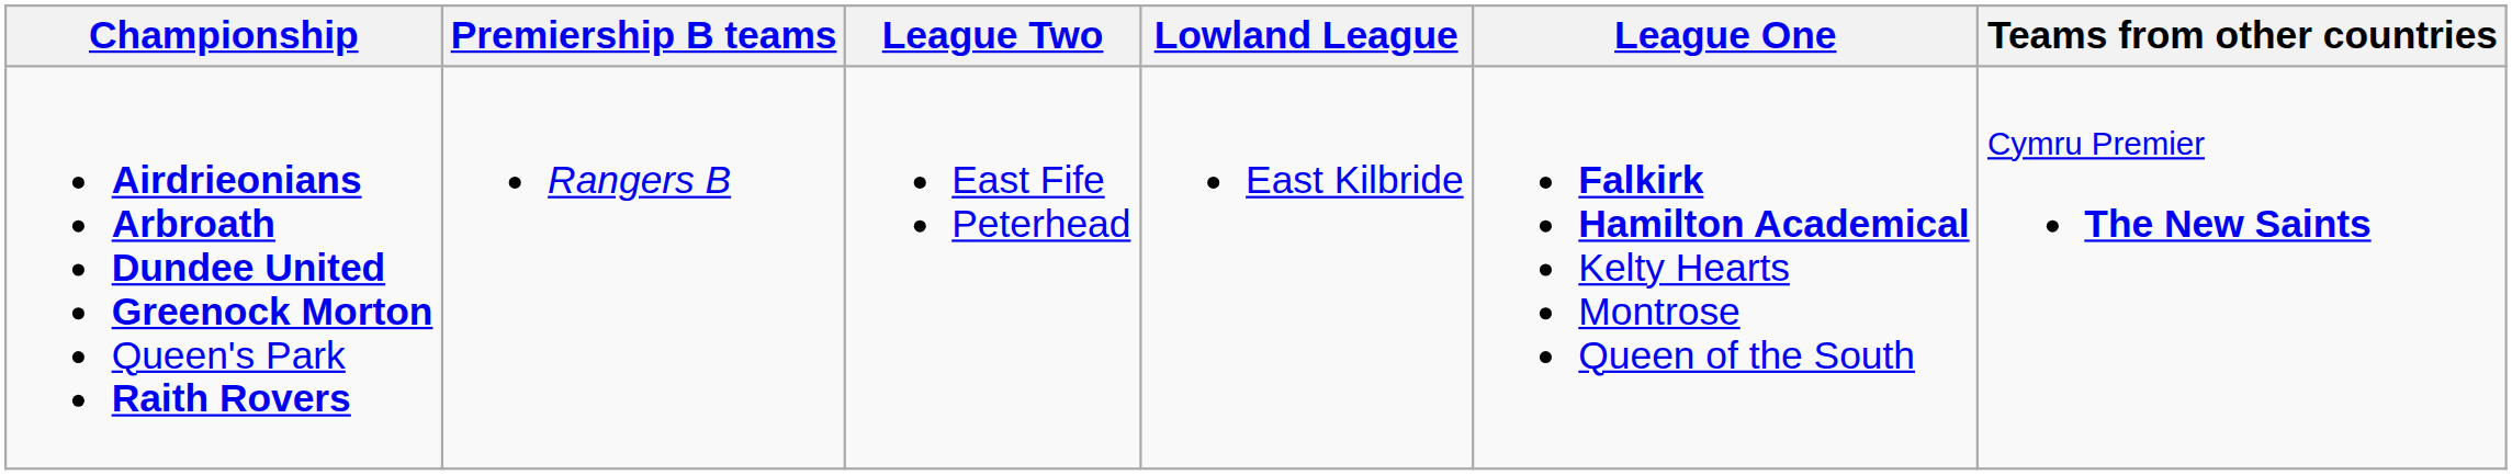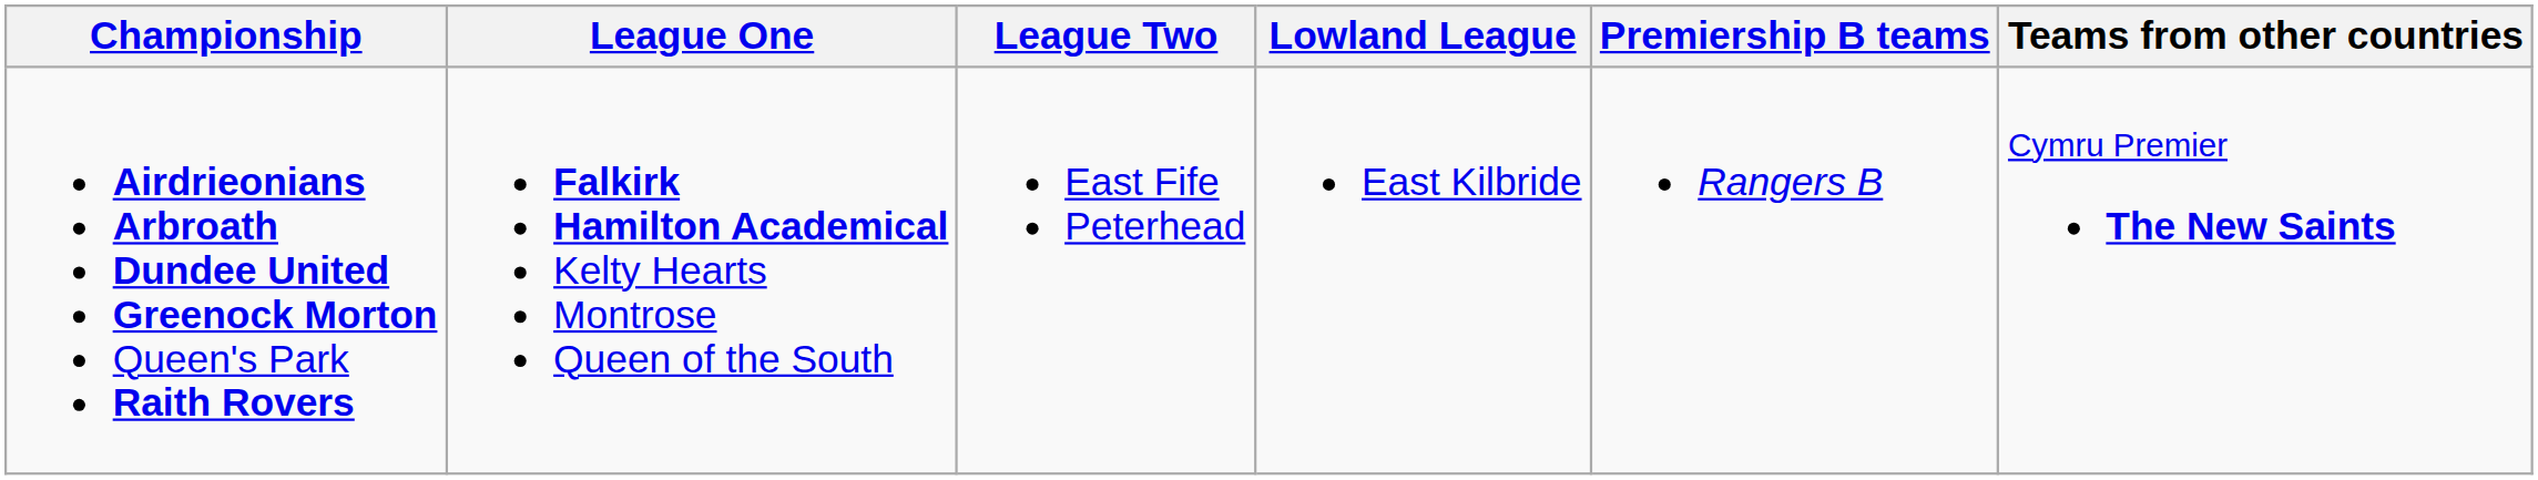 <table class="wikitable">
 <tr>
 <th><a href='#'>Championship</a></th>
-<th><a href='#'>Premiership B teams</a></th>
+<th><a href='#'>League One</a></th>
 <th><a href='#'>League Two</a></th>
 <th><a href='#'>Lowland League</a></th>
-<th><a href='#'>League One</a></th>
+<th><a href='#'>Premiership B teams</a></th>
 <th>Teams from other countries</th>
 </tr>
 <tr>
 <td valign="top"><br><ul><li><strong><a href='#'>Airdrieonians</a></strong></li><li><strong><a href='#'>Arbroath</a></strong></li><li><strong><a href='#'>Dundee United</a></strong></li><li><strong><a href='#'>Greenock Morton</a></strong></li><li><a href='#'>Queen's Park</a></li><li><strong><a href='#'>Raith Rovers</a></strong></li></ul></td>
-<td valign="top"><br><ul><li><em><a href='#'>Rangers B</a></em></li></ul></td>
+<td valign="top"><br><ul><li><strong><a href='#'>Falkirk</a></strong></li><li><strong><a href='#'>Hamilton Academical</a></strong></li><li><a href='#'>Kelty Hearts</a></li><li><a href='#'>Montrose</a></li><li><a href='#'>Queen of the South</a></li></ul></td>
 <td valign="top"><br><ul><li><a href='#'>East Fife</a></li><li><a href='#'>Peterhead</a></li></ul></td>
 <td valign="top"><br><ul><li><a href='#'>East Kilbride</a></li></ul></td>
-<td valign="top"><br><ul><li><strong><a href='#'>Falkirk</a></strong></li><li><strong><a href='#'>Hamilton Academical</a></strong></li><li><a href='#'>Kelty Hearts</a></li><li><a href='#'>Montrose</a></li><li><a href='#'>Queen of the South</a></li></ul></td>
+<td valign="top"><br><ul><li><em><a href='#'>Rangers B</a></em></li></ul></td>
 <td valign="top"><br><small><a href='#'>Cymru Premier</a></small><ul><li><strong><a href='#'>The New Saints</a></strong></li></ul></td>
 </tr>
 </table>
